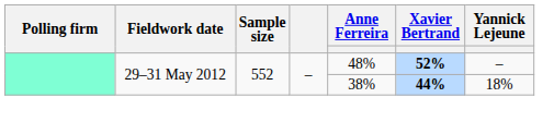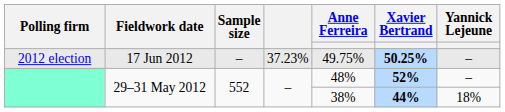 <table class="wikitable sortable" style="text-align:center;font-size:90%;line-height:14px;">
 <tr style="height:40px;">
 <th style="width:100px;" rowspan="2">Polling firm</th>
 <th style="width:110px;" rowspan="2">Fieldwork date</th>
 <th style="width:35px;" rowspan="2">Sample<br>size</th>
 <th style="width:30px;" rowspan="2"></th>
 <th class="unsortable" style="width:60px;"><a href='#'>Anne Ferreira</a><br></th>
 <th class="unsortable" style="width:60px;"><a href='#'>Xavier Bertrand</a><br></th>
 <th class="unsortable" style="width:60px;">Yannick Lejeune<br></th>
 </tr>
 <tr>
 <th style="background:"></th>
 <th style="background:"></th>
 <th style="background:"></th>
+</tr>
+<tr style="background:#E9E9E9;">
+<td><a href='#'>2012 election</a></td>
+<td data-sort-value="2012-06-17">17 Jun 2012</td>
+<td>–</td>
+<td>37.23%</td>
+<td>49.75%</td>
+<td style="background:#B9DAFF;"><strong>50.25%</strong></td>
+<td>–</td>
 </tr>
 <tr>
 <td rowspan="2" style="background:aquamarine;"></td>
 <td rowspan="2" data-sort-value="2012-05-31">29–31 May 2012</td>
 <td rowspan="2">552</td>
 <td rowspan="2">–</td>
 <td>48%</td>
 <td style="background:#B9DAFF;"><strong>52%</strong></td>
 <td>–</td>
 </tr>
 <tr>
 <td>38%</td>
 <td style="background:#B9DAFF;"><strong>44%</strong></td>
 <td>18%</td>
 </tr>
 </table>
